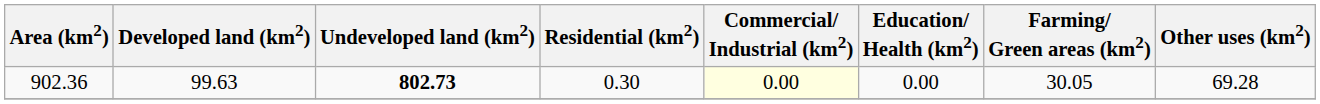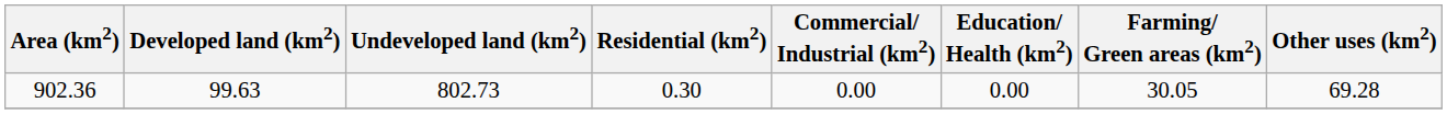 <table class="wikitable" style="text-align: center;">
 <tr>
 <th>Area (km<sup>2</sup>)</th>
 <th>Developed land (km<sup>2</sup>)</th>
 <th>Undeveloped land (km<sup>2</sup>)</th>
 <th>Residential (km<sup>2</sup>)</th>
 <th>Commercial/<br> Industrial (km<sup>2</sup>)</th>
 <th>Education/<br> Health (km<sup>2</sup>)</th>
 <th>Farming/<br> Green areas (km<sup>2</sup>)</th>
 <th>Other uses (km<sup>2</sup>)</th>
 </tr>
 <tr>
 <td>902.36</td>
 <td>99.63</td>
-<td><strong>802.73</strong></td>
+<td>802.73</td>
 <td>0.30</td>
-<td style="background: lightyellow;">0.00</td>
+<td>0.00</td>
 <td>0.00</td>
 <td>30.05</td>
 <td>69.28</td>
 </tr>
 <tr>
 </tr>
 </table>
